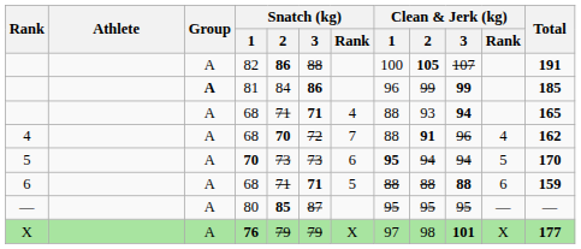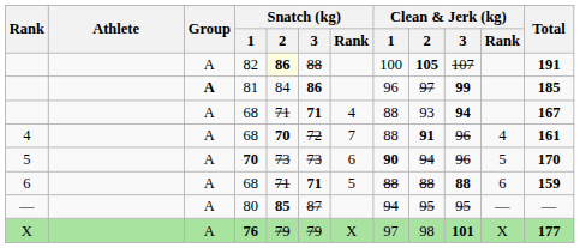 <table class = "wikitable" style="text-align:center;">
 <tr>
 <th rowspan=2 width=40>Rank</th>
 <th rowspan=2 width=250>Athlete</th>
 <th rowspan=2 width=50>Group</th>
 <th colspan=4>Snatch (kg)</th>
 <th colspan=4>Clean & Jerk (kg)</th>
 <th rowspan=2 width=60>Total</th>
 </tr>
 <tr>
 <th width=40>1</th>
 <th width=40>2</th>
 <th width=40>3</th>
 <th width=40>Rank</th>
 <th width=40>1</th>
 <th width=40>2</th>
 <th width=40>3</th>
 <th width=40>Rank</th>
 </tr>
 <tr>
 <td></td>
 <td align=left></td>
 <td>A</td>
 <td>82</td>
-<td><strong>86</strong></td>
+<td style="background: lightyellow;"><strong>86</strong></td>
 <td><s>88</s></td>
 <td></td>
 <td>100</td>
 <td><strong>105</strong></td>
 <td><s>107</s></td>
 <td></td>
 <td><strong>191</strong></td>
 </tr>
 <tr>
 <td></td>
 <td align=left></td>
 <td><strong>A</strong></td>
 <td>81</td>
 <td>84</td>
 <td><strong>86</strong></td>
 <td></td>
 <td>96</td>
-<td><s>99</s></td>
+<td><s>97</s></td>
 <td><strong>99</strong></td>
 <td></td>
 <td><strong>185</strong></td>
 </tr>
 <tr>
 <td></td>
 <td align=left></td>
 <td>A</td>
 <td>68</td>
 <td><s>71</s></td>
 <td><strong>71</strong></td>
 <td>4</td>
 <td>88</td>
 <td>93</td>
 <td><strong>94</strong></td>
 <td></td>
-<td><strong>165</strong></td>
+<td><strong>167</strong></td>
 </tr>
 <tr>
 <td>4</td>
 <td align=left></td>
 <td>A</td>
 <td>68</td>
 <td><strong>70</strong></td>
 <td><s>72</s></td>
 <td>7</td>
 <td>88</td>
 <td><strong>91</strong></td>
 <td><s>96</s></td>
 <td>4</td>
-<td><strong>162</strong></td>
+<td><strong>161</strong></td>
 </tr>
 <tr>
 <td>5</td>
 <td align=left></td>
 <td>A</td>
 <td><strong>70</strong></td>
 <td><s>73</s></td>
 <td><s>73</s></td>
 <td>6</td>
-<td><strong>95</strong></td>
+<td><strong>90</strong></td>
 <td><s>94</s></td>
-<td><s>94</s></td>
+<td><s>96</s></td>
 <td>5</td>
 <td><strong>170</strong></td>
 </tr>
 <tr>
 <td>6</td>
 <td align=left></td>
 <td>A</td>
 <td>68</td>
 <td><s>71</s></td>
 <td><strong>71</strong></td>
 <td>5</td>
 <td><s>88</s></td>
 <td><s>88</s></td>
 <td><strong>88</strong></td>
 <td>6</td>
 <td><strong>159</strong></td>
 </tr>
 <tr>
 <td>—</td>
 <td align=left></td>
 <td>A</td>
 <td>80</td>
 <td><strong>85</strong></td>
 <td><s>87</s></td>
 <td></td>
-<td><s>95</s></td>
+<td><s>94</s></td>
 <td><s>95</s></td>
 <td><s>95</s></td>
 <td>—</td>
 <td>—</td>
 </tr>
 <tr bgcolor=#A8E4A0>
 <td>X</td>
 <td align=left></td>
 <td>A</td>
 <td><strong>76</strong></td>
 <td><s>79</s></td>
 <td><s>79</s></td>
 <td>X</td>
 <td>97</td>
 <td>98</td>
 <td><strong>101</strong></td>
 <td>X</td>
 <td><strong>177</strong></td>
 </tr>
 </table>
